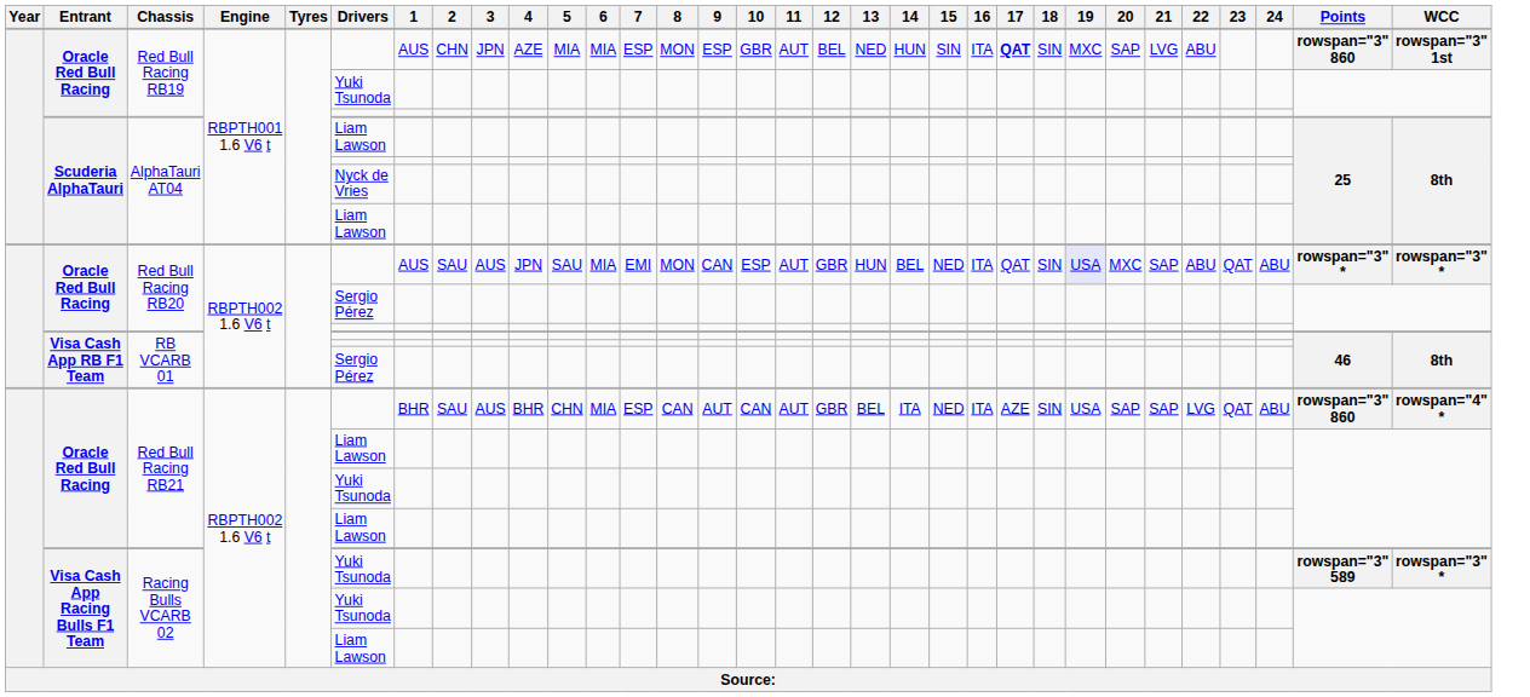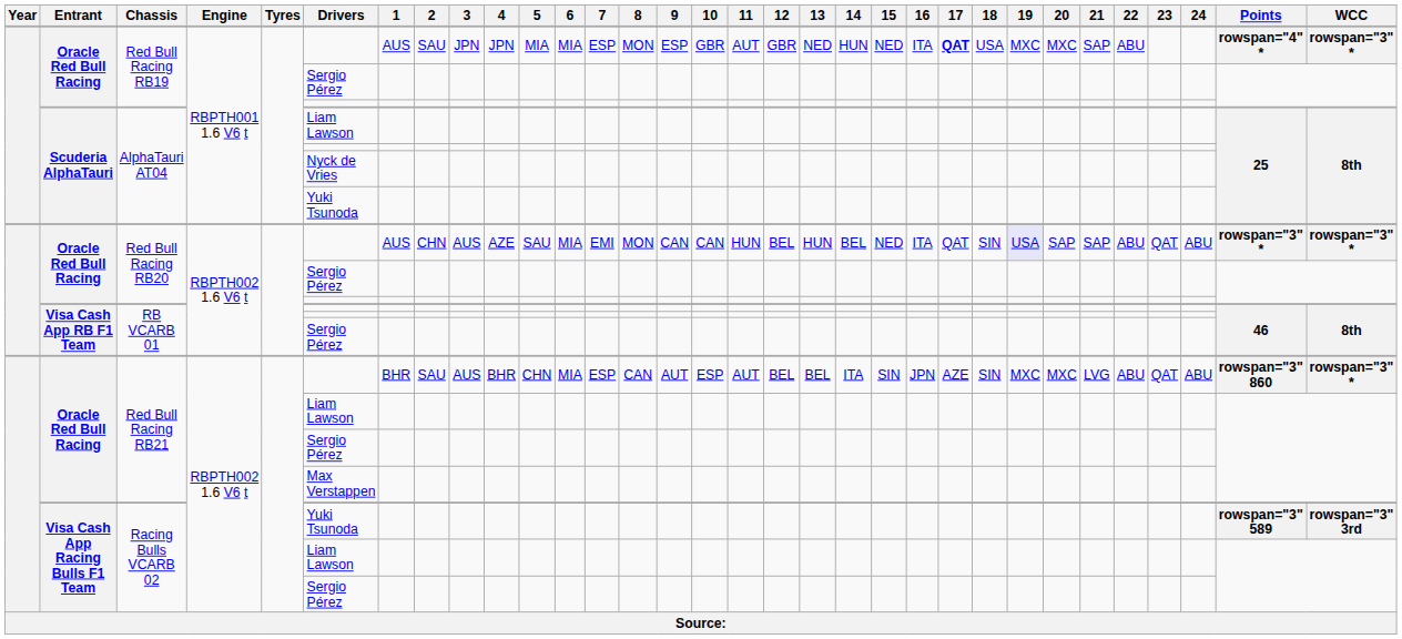 <table class="wikitable" style="text-align:center; font-size:85%">
 <tr>
 <th>Year</th>
 <th>Entrant</th>
 <th>Chassis</th>
 <th>Engine</th>
 <th>Tyres</th>
 <th>Drivers</th>
 <th>1</th>
 <th>2</th>
 <th>3</th>
 <th>4</th>
 <th>5</th>
 <th>6</th>
 <th>7</th>
 <th>8</th>
 <th>9</th>
 <th>10</th>
 <th>11</th>
 <th>12</th>
 <th>13</th>
 <th>14</th>
 <th>15</th>
 <th>16</th>
 <th>17</th>
 <th>18</th>
 <th>19</th>
 <th>20</th>
 <th>21</th>
 <th>22</th>
 <th>23</th>
 <th>24</th>
 <th><a href='#'>Points</a></th>
 <th>WCC</th>
 </tr>
 <tr style="border-top:2px solid #aaaaaa">
 <th rowspan="7"></th>
 <th rowspan="3"><a href='#'>Oracle Red Bull Racing</a></th>
 <td rowspan="3"><a href='#'>Red Bull Racing RB19</a></td>
 <td rowspan="7"><a href='#'>RBPTH001</a><br>1.6 <a href='#'>V6</a> <a href='#'>t</a></td>
 <td rowspan="7"></td>
 <td></td>
 <td><a href='#'>AUS</a></td>
-<td><a href='#'>CHN</a></td>
+<td><a href='#'>SAU</a></td>
 <td><a href='#'>JPN</a></td>
-<td><a href='#'>AZE</a></td>
+<td><a href='#'>JPN</a></td>
 <td><a href='#'>MIA</a></td>
 <td><a href='#'>MIA</a></td>
 <td><a href='#'>ESP</a></td>
 <td><a href='#'>MON</a></td>
 <td><a href='#'>ESP</a></td>
 <td><a href='#'>GBR</a></td>
 <td><a href='#'>AUT</a></td>
-<td><a href='#'>BEL</a></td>
+<td><a href='#'>GBR</a></td>
 <td><a href='#'>NED</a></td>
 <td><a href='#'>HUN</a></td>
-<td><a href='#'>SIN</a></td>
+<td><a href='#'>NED</a></td>
 <td><a href='#'>ITA</a></td>
 <td><strong><a href='#'>QAT</a></strong></td>
-<td><a href='#'>SIN</a></td>
+<td><a href='#'>USA</a></td>
+<td><a href='#'>MXC</a></td>
 <td><a href='#'>MXC</a></td>
 <td><a href='#'>SAP</a></td>
-<td><a href='#'>LVG</a></td>
 <td><a href='#'>ABU</a></td>
 <td></td>
 <td></td>
-<th>rowspan="3"  860</th>
-<th>rowspan="3"  1st</th>
+<th>rowspan="4" *</th>
+<th>rowspan="3" *</th>
 </tr>
 <tr>
-<td align="left"> <a href='#'>Yuki Tsunoda</a></td>
+<td align="left"> <a href='#'>Sergio Pérez</a></td>
 <td></td>
 <td></td>
 <td></td>
 <td></td>
 <td></td>
 <td></td>
 <td></td>
 <td></td>
 <td></td>
 <td></td>
 <td></td>
 <td></td>
 <td></td>
 <td></td>
 <td></td>
 <td></td>
 <td></td>
 <td></td>
 <td></td>
 <td></td>
 <td></td>
 <td></td>
 <td></td>
 <td></td>
 </tr>
 <tr>
 <td align="left"></td>
 <td></td>
 <td></td>
 <td></td>
 <td></td>
 <td></td>
 <td></td>
 <td></td>
 <td></td>
 <td></td>
 <td></td>
 <td></td>
 <td></td>
 <td></td>
 <td></td>
 <td></td>
 <td></td>
 <td></td>
 <td></td>
 <td></td>
 <td></td>
 <td></td>
 <td></td>
 <td></td>
 <td></td>
 </tr>
 <tr style="border-top:2px solid #aaaaaa">
 <th rowspan="4"><a href='#'>Scuderia AlphaTauri</a></th>
 <td rowspan="4"><a href='#'>AlphaTauri AT04</a></td>
 <td align="left"> <a href='#'>Liam Lawson</a></td>
 <td></td>
 <td></td>
 <td></td>
 <td></td>
 <td></td>
 <td></td>
 <td></td>
 <td></td>
 <td></td>
 <td></td>
 <td></td>
 <td></td>
 <td></td>
 <td></td>
 <td></td>
 <td></td>
 <td></td>
 <td></td>
 <td></td>
 <td></td>
 <td></td>
 <td></td>
 <td></td>
 <td></td>
 <th rowspan="4">25</th>
 <th rowspan="4">8th</th>
 </tr>
 <tr>
 <td align="left"></td>
 <td></td>
 <td></td>
 <td></td>
 <td></td>
 <td></td>
 <td></td>
 <td></td>
 <td></td>
 <td></td>
 <td></td>
 <td></td>
 <td></td>
 <td></td>
 <td></td>
 <td></td>
 <td></td>
 <td></td>
 <td></td>
 <td></td>
 <td></td>
 <td></td>
 <td></td>
 <td></td>
 <td></td>
 </tr>
 <tr>
 <td align="left"> <a href='#'>Nyck de Vries</a></td>
 <td></td>
 <td></td>
 <td></td>
 <td></td>
 <td></td>
 <td></td>
 <td></td>
 <td></td>
 <td></td>
 <td></td>
 <td></td>
 <td></td>
 <td></td>
 <td></td>
 <td></td>
 <td></td>
 <td></td>
 <td></td>
 <td></td>
 <td></td>
 <td></td>
 <td></td>
 <td></td>
 <td></td>
 </tr>
 <tr>
-<td align=left> <a href='#'>Liam Lawson</a></td>
+<td align="left"> <a href='#'>Yuki Tsunoda</a></td>
 <td></td>
 <td></td>
 <td></td>
 <td></td>
 <td></td>
 <td></td>
 <td></td>
 <td></td>
 <td></td>
 <td></td>
 <td></td>
 <td></td>
 <td></td>
 <td></td>
 <td></td>
 <td></td>
 <td></td>
 <td></td>
 <td></td>
 <td></td>
 <td></td>
 <td></td>
 <td></td>
 <td></td>
 </tr>
 <tr style="border-top:2px solid #aaaaaa">
 <th rowspan="6"></th>
 <th rowspan="3"><a href='#'>Oracle Red Bull Racing</a></th>
 <td rowspan="3"><a href='#'>Red Bull Racing RB20</a></td>
 <td rowspan="6"><a href='#'>RBPTH002</a><br>1.6 <a href='#'>V6</a> <a href='#'>t</a></td>
 <td rowspan="6"></td>
 <td></td>
 <td><a href='#'>AUS</a></td>
-<td><a href='#'>SAU</a></td>
+<td><a href='#'>CHN</a></td>
 <td><a href='#'>AUS</a></td>
-<td><a href='#'>JPN</a></td>
+<td><a href='#'>AZE</a></td>
 <td><a href='#'>SAU</a></td>
 <td><a href='#'>MIA</a></td>
 <td><a href='#'>EMI</a></td>
 <td><a href='#'>MON</a></td>
 <td><a href='#'>CAN</a></td>
-<td><a href='#'>ESP</a></td>
-<td><a href='#'>AUT</a></td>
-<td><a href='#'>GBR</a></td>
+<td><a href='#'>CAN</a></td>
+<td><a href='#'>HUN</a></td>
+<td><a href='#'>BEL</a></td>
 <td><a href='#'>HUN</a></td>
 <td><a href='#'>BEL</a></td>
 <td><a href='#'>NED</a></td>
 <td><a href='#'>ITA</a></td>
 <td><a href='#'>QAT</a></td>
 <td><a href='#'>SIN</a></td>
 <td style="background: lavender;"><a href='#'>USA</a></td>
-<td><a href='#'>MXC</a></td>
+<td><a href='#'>SAP</a></td>
 <td><a href='#'>SAP</a></td>
 <td><a href='#'>ABU</a></td>
 <td><a href='#'>QAT</a></td>
 <td><a href='#'>ABU</a></td>
 <th>rowspan="3" *</th>
 <th>rowspan="3" *</th>
 </tr>
 <tr>
 <td align="left"> <a href='#'>Sergio Pérez</a></td>
 <td></td>
 <td></td>
 <td></td>
 <td></td>
 <td></td>
 <td></td>
 <td></td>
 <td></td>
 <td></td>
 <td></td>
 <td></td>
 <td></td>
 <td></td>
 <td></td>
 <td></td>
 <td></td>
 <td></td>
 <td></td>
 <td></td>
 <td></td>
 <td></td>
 <td></td>
 <td></td>
 <td></td>
 </tr>
 <tr>
 <td align="left"></td>
 <td></td>
 <td></td>
 <td></td>
 <td></td>
 <td></td>
 <td></td>
 <td></td>
 <td></td>
 <td></td>
 <td></td>
 <td></td>
 <td></td>
 <td></td>
 <td></td>
 <td></td>
 <td></td>
 <td></td>
 <td></td>
 <td></td>
 <td></td>
 <td></td>
 <td></td>
 <td></td>
 <td></td>
 </tr>
 <tr style="border-top:2px solid #aaaaaa">
 <th rowspan="3"><a href='#'>Visa Cash App RB F1 Team</a></th>
 <td rowspan="3"><a href='#'>RB VCARB 01</a></td>
 <td align="left"></td>
 <td></td>
 <td></td>
 <td></td>
 <td></td>
 <td></td>
 <td></td>
 <td></td>
 <td></td>
 <td></td>
 <td></td>
 <td></td>
 <td></td>
 <td></td>
 <td></td>
 <td></td>
 <td></td>
 <td></td>
 <td></td>
 <td></td>
 <td></td>
 <td></td>
 <td></td>
 <td></td>
 <td></td>
 <th rowspan="3">46</th>
 <th rowspan="3">8th</th>
 </tr>
 <tr>
 <td align="left"></td>
 <td></td>
 <td></td>
 <td></td>
 <td></td>
 <td></td>
 <td></td>
 <td></td>
 <td></td>
 <td></td>
 <td></td>
 <td></td>
 <td></td>
 <td></td>
 <td></td>
 <td></td>
 <td></td>
 <td></td>
 <td></td>
 <td></td>
 <td></td>
 <td></td>
 <td></td>
 <td></td>
 <td></td>
 </tr>
 <tr>
 <td align="left"> <a href='#'>Sergio Pérez</a></td>
 <td></td>
 <td></td>
 <td></td>
 <td></td>
 <td></td>
 <td></td>
 <td></td>
 <td></td>
 <td></td>
 <td></td>
 <td></td>
 <td></td>
 <td></td>
 <td></td>
 <td></td>
 <td></td>
 <td></td>
 <td></td>
 <td></td>
 <td></td>
 <td></td>
 <td></td>
 <td></td>
 <td></td>
 </tr>
 <tr style="border-top:2px solid #aaaaaa">
 <th rowspan="7"></th>
 <th rowspan="4"><a href='#'>Oracle Red Bull Racing</a></th>
 <td rowspan="4"><a href='#'>Red Bull Racing RB21</a></td>
 <td rowspan="7"><a href='#'>RBPTH002</a><br>1.6 <a href='#'>V6</a> <a href='#'>t</a></td>
 <td rowspan="7"></td>
 <td></td>
 <td><a href='#'>BHR</a></td>
 <td><a href='#'>SAU</a></td>
 <td><a href='#'>AUS</a></td>
 <td><a href='#'>BHR</a></td>
 <td><a href='#'>CHN</a></td>
 <td><a href='#'>MIA</a></td>
 <td><a href='#'>ESP</a></td>
 <td><a href='#'>CAN</a></td>
 <td><a href='#'>AUT</a></td>
-<td><a href='#'>CAN</a></td>
+<td><a href='#'>ESP</a></td>
 <td><a href='#'>AUT</a></td>
-<td><a href='#'>GBR</a></td>
+<td><a href='#'>BEL</a></td>
 <td><a href='#'>BEL</a></td>
 <td><a href='#'>ITA</a></td>
-<td><a href='#'>NED</a></td>
-<td><a href='#'>ITA</a></td>
+<td><a href='#'>SIN</a></td>
+<td><a href='#'>JPN</a></td>
 <td><a href='#'>AZE</a></td>
 <td><a href='#'>SIN</a></td>
-<td><a href='#'>USA</a></td>
-<td><a href='#'>SAP</a></td>
-<td><a href='#'>SAP</a></td>
+<td><a href='#'>MXC</a></td>
+<td><a href='#'>MXC</a></td>
 <td><a href='#'>LVG</a></td>
+<td><a href='#'>ABU</a></td>
 <td><a href='#'>QAT</a></td>
 <td><a href='#'>ABU</a></td>
 <th>rowspan="3"  860</th>
-<th>rowspan="4" *</th>
+<th>rowspan="3" *</th>
 </tr>
 <tr>
 <td align=left> <a href='#'>Liam Lawson</a></td>
 <td></td>
 <td></td>
 <td></td>
 <td></td>
 <td></td>
 <td></td>
 <td></td>
 <td></td>
 <td></td>
 <td></td>
 <td></td>
 <td></td>
 <td></td>
 <td></td>
 <td></td>
 <td></td>
 <td></td>
 <td></td>
 <td></td>
 <td></td>
 <td></td>
 <td></td>
 <td></td>
 <td></td>
 </tr>
 <tr>
-<td align=left> <a href='#'>Yuki Tsunoda</a></td>
+<td align="left"> <a href='#'>Sergio Pérez</a></td>
 <td></td>
 <td></td>
 <td></td>
 <td></td>
 <td></td>
 <td></td>
 <td></td>
 <td></td>
 <td></td>
 <td></td>
 <td></td>
 <td></td>
 <td></td>
 <td></td>
 <td></td>
 <td></td>
 <td></td>
 <td></td>
 <td></td>
 <td></td>
 <td></td>
 <td></td>
 <td></td>
 <td></td>
 </tr>
 <tr>
-<td align=left> <a href='#'>Liam Lawson</a></td>
+<td align=left> <a href='#'>Max Verstappen</a></td>
 <td></td>
 <td></td>
 <td></td>
 <td></td>
 <td></td>
 <td></td>
 <td></td>
 <td></td>
 <td></td>
 <td></td>
 <td></td>
 <td></td>
 <td></td>
 <td></td>
 <td></td>
 <td></td>
 <td></td>
 <td></td>
 <td></td>
 <td></td>
 <td></td>
 <td></td>
 <td></td>
 <td></td>
 </tr>
 <tr style="border-top:2px solid #aaaaaa">
 <th rowspan="3"><a href='#'>Visa Cash App Racing Bulls F1 Team</a></th>
 <td rowspan="3"><a href='#'>Racing Bulls VCARB 02</a></td>
 <td align=left> <a href='#'>Yuki Tsunoda</a></td>
 <td></td>
 <td></td>
 <td></td>
 <td></td>
 <td></td>
 <td></td>
 <td></td>
 <td></td>
 <td></td>
 <td></td>
 <td></td>
 <td></td>
 <td></td>
 <td></td>
 <td></td>
 <td></td>
 <td></td>
 <td></td>
 <td></td>
 <td></td>
 <td></td>
 <td></td>
 <td></td>
 <td></td>
 <th>rowspan="3"  589</th>
-<th>rowspan="3" *</th>
+<th>rowspan="3"  3rd</th>
 </tr>
 <tr>
-<td align=left> <a href='#'>Yuki Tsunoda</a></td>
+<td align="left"> <a href='#'>Liam Lawson</a></td>
 <td></td>
 <td></td>
 <td></td>
 <td></td>
 <td></td>
 <td></td>
 <td></td>
 <td></td>
 <td></td>
 <td></td>
 <td></td>
 <td></td>
 <td></td>
 <td></td>
 <td></td>
 <td></td>
 <td></td>
 <td></td>
 <td></td>
 <td></td>
 <td></td>
 <td></td>
 <td></td>
 <td></td>
 </tr>
 <tr>
-<td align=left> <a href='#'>Liam Lawson</a></td>
+<td align="left"> <a href='#'>Sergio Pérez</a></td>
 <td></td>
 <td></td>
 <td></td>
 <td></td>
 <td></td>
 <td></td>
 <td></td>
 <td></td>
 <td></td>
 <td></td>
 <td></td>
 <td></td>
 <td></td>
 <td></td>
 <td></td>
 <td></td>
 <td></td>
 <td></td>
 <td></td>
 <td></td>
 <td></td>
 <td></td>
 <td></td>
 <td></td>
 </tr>
 <tr>
 <th colspan="32">Source:</th>
 </tr>
 </table>
